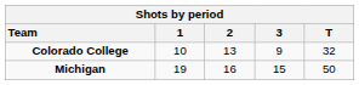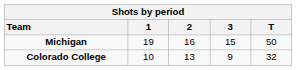 <table class="wikitable" style="width:30em; text-align:right;">
 <tr>
 <th colspan=5>Shots by period</th>
 </tr>
 <tr>
 <th style="width:10em; text-align:left;">Team</th>
 <th style="width:3em;">1</th>
 <th style="width:3em;">2</th>
 <th style="width:3em;">3</th>
 <th style="width:3em;">T</th>
 </tr>
 <tr>
+<td align=center><strong>Michigan</strong></td>
+<td align=center>19</td>
+<td align=center>16</td>
+<td align=center>15</td>
+<td align=center>50</td>
+</tr>
+<tr>
 <td align=center><strong>Colorado College</strong></td>
 <td align=center>10</td>
 <td align=center>13</td>
 <td align=center>9</td>
 <td align=center>32</td>
 </tr>
-<tr>
-<td align=center><strong>Michigan</strong></td>
-<td align=center>19</td>
-<td align=center>16</td>
-<td align=center>15</td>
-<td align=center>50</td>
-</tr>
 </table>
